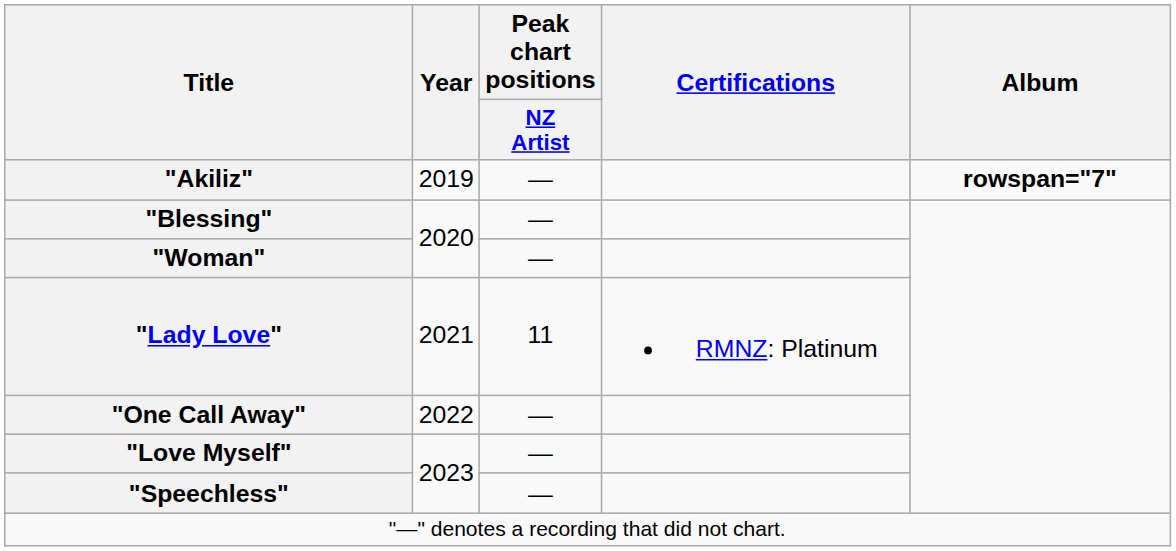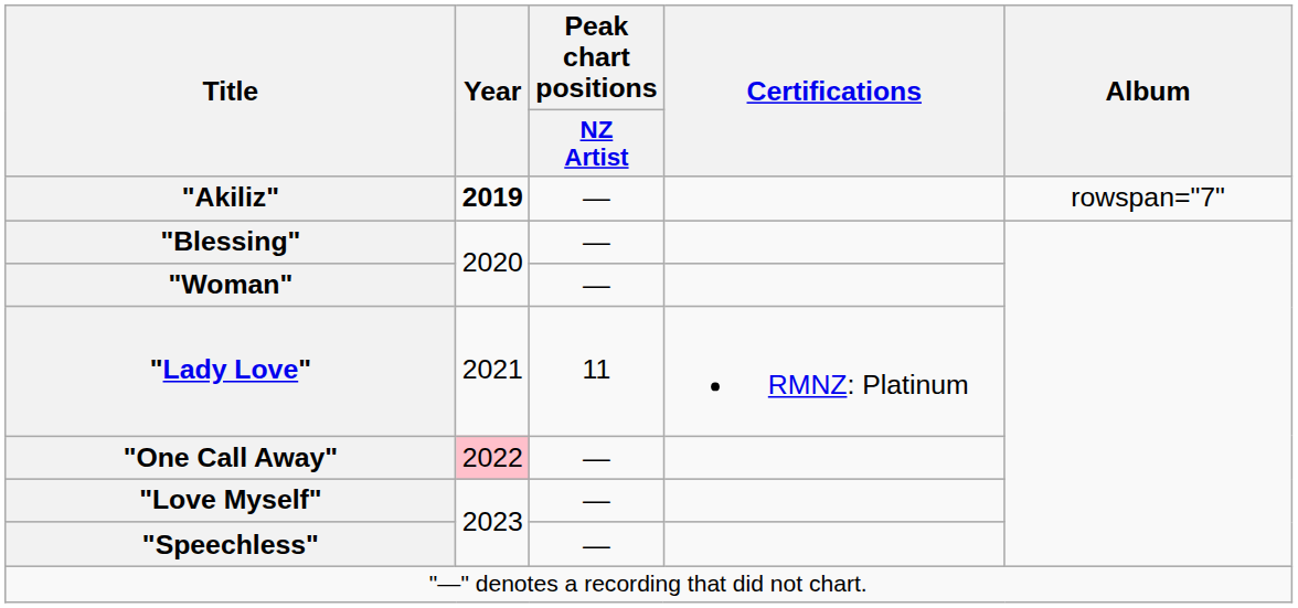 <table class="wikitable plainrowheaders" style="text-align:center;">
 <tr>
 <th scope="col" rowspan="2" style="width:16em;">Title</th>
 <th scope="col" rowspan="2" style="width:1em;">Year</th>
 <th scope="col" colspan="1">Peak chart positions</th>
 <th scope="col" rowspan="2" style="width:12em;"><a href='#'>Certifications</a></th>
 <th scope="col" rowspan="2" style="width:10em;">Album</th>
 </tr>
 <tr>
 <th scope="col" style="width:3em;font-size:90%;"><a href='#'>NZ<br>Artist</a><br></th>
 </tr>
 <tr>
 <th scope="row">"Akiliz"</th>
-<td>2019</td>
+<td><strong>2019</strong></td>
 <td>—</td>
 <td></td>
-<td><strong>rowspan="7" </strong></td>
+<td>rowspan="7" </td>
 </tr>
 <tr>
 <th scope="row">"Blessing"</th>
 <td rowspan="2">2020</td>
 <td>—</td>
 <td></td>
 </tr>
 <tr>
 <th scope="row">"Woman"<br></th>
 <td>—</td>
 <td></td>
 </tr>
 <tr>
 <th scope="row">"<a href='#'>Lady Love</a>"<br></th>
 <td>2021</td>
 <td>11</td>
 <td><br><ul><li><a href='#'>RMNZ</a>: Platinum</li></ul></td>
 </tr>
 <tr>
 <th scope="row">"One Call Away"</th>
-<td>2022</td>
+<td style="background: pink;">2022</td>
 <td>—</td>
 <td></td>
 </tr>
 <tr>
 <th scope="row">"Love Myself"</th>
 <td rowspan="2">2023</td>
 <td>—</td>
 <td></td>
 </tr>
 <tr>
 <th scope="row">"Speechless"<br></th>
 <td>—</td>
 <td></td>
 </tr>
 <tr>
 <td colspan="8" style="font-size:85%;">"—" denotes a recording that did not chart.</td>
 </tr>
 </table>
